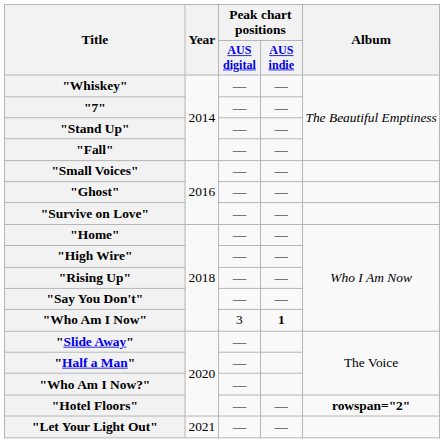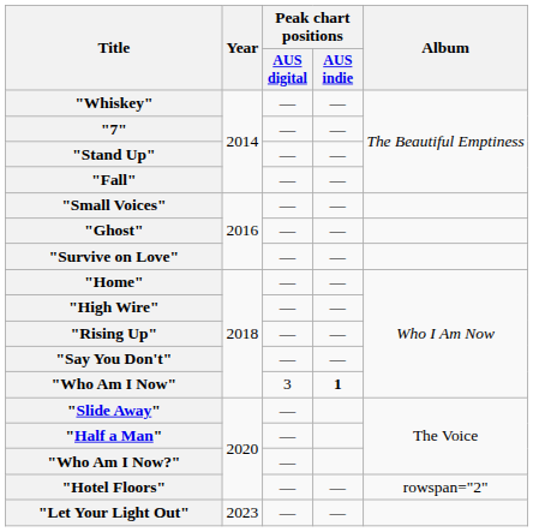 <table class="wikitable plainrowheaders" style="text-align:center;">
 <tr>
 <th scope="col" rowspan="2" style="width:13em;">Title</th>
 <th scope="col" rowspan="2" style="width:1em;">Year</th>
 <th scope="col" colspan="2">Peak chart positions</th>
 <th scope="col" rowspan="2">Album</th>
 </tr>
 <tr>
 <th scope="col" style="width:3em;font-size:90%;"><a href='#'>AUS digital</a></th>
 <th scope="col" style="width:3em;font-size:90%;"><a href='#'>AUS indie</a></th>
 </tr>
 <tr>
 <th scope="row">"Whiskey"</th>
 <td rowspan="4">2014</td>
 <td>—</td>
 <td>—</td>
 <td rowspan="4"><em>The Beautiful Emptiness</em></td>
 </tr>
 <tr>
 <th scope="row">"7"</th>
 <td>—</td>
 <td>—</td>
 </tr>
 <tr>
 <th scope="row">"Stand Up"</th>
 <td>—</td>
 <td>—</td>
 </tr>
 <tr>
 <th scope="row">"Fall"</th>
 <td>—</td>
 <td>—</td>
 </tr>
 <tr>
 <th scope="row">"Small Voices"</th>
 <td rowspan="3">2016</td>
 <td>—</td>
 <td>—</td>
 <td></td>
 </tr>
 <tr>
 <th scope="row">"Ghost"</th>
 <td>—</td>
 <td>—</td>
 <td></td>
 </tr>
 <tr>
 <th scope="row">"Survive on Love"</th>
 <td>—</td>
 <td>—</td>
 <td></td>
 </tr>
 <tr>
 <th scope="row">"Home"</th>
 <td rowspan="5">2018</td>
 <td>—</td>
 <td>—</td>
 <td rowspan="5"><em>Who I Am Now</em></td>
 </tr>
 <tr>
 <th scope="row">"High Wire"</th>
 <td>—</td>
 <td>—</td>
 </tr>
 <tr>
 <th scope="row">"Rising Up"</th>
 <td>—</td>
 <td>—</td>
 </tr>
 <tr>
 <th scope="row">"Say You Don't"</th>
 <td>—</td>
 <td>—</td>
 </tr>
 <tr>
 <th scope="row">"Who Am I Now"</th>
 <td>3</td>
 <td><strong>1</strong></td>
 </tr>
 <tr>
 <th scope="row">"<a href='#'>Slide Away</a>" <br></th>
 <td rowspan="4">2020</td>
 <td>—</td>
 <td></td>
 <td rowspan="3">The Voice</td>
 </tr>
 <tr>
 <th scope="row">"<a href='#'>Half a Man</a>" </th>
 <td>—</td>
 <td></td>
 </tr>
 <tr>
 <th scope="row">"Who Am I Now?" </th>
 <td>—</td>
 <td></td>
 </tr>
 <tr>
 <th scope="row">"Hotel Floors"</th>
 <td>—</td>
 <td>—</td>
-<td><strong>rowspan="2" </strong></td>
+<td>rowspan="2" </td>
 </tr>
 <tr>
 <th scope="row">"Let Your Light Out"</th>
-<td>2021</td>
+<td>2023</td>
 <td>—</td>
 <td>—</td>
 </tr>
 </table>
